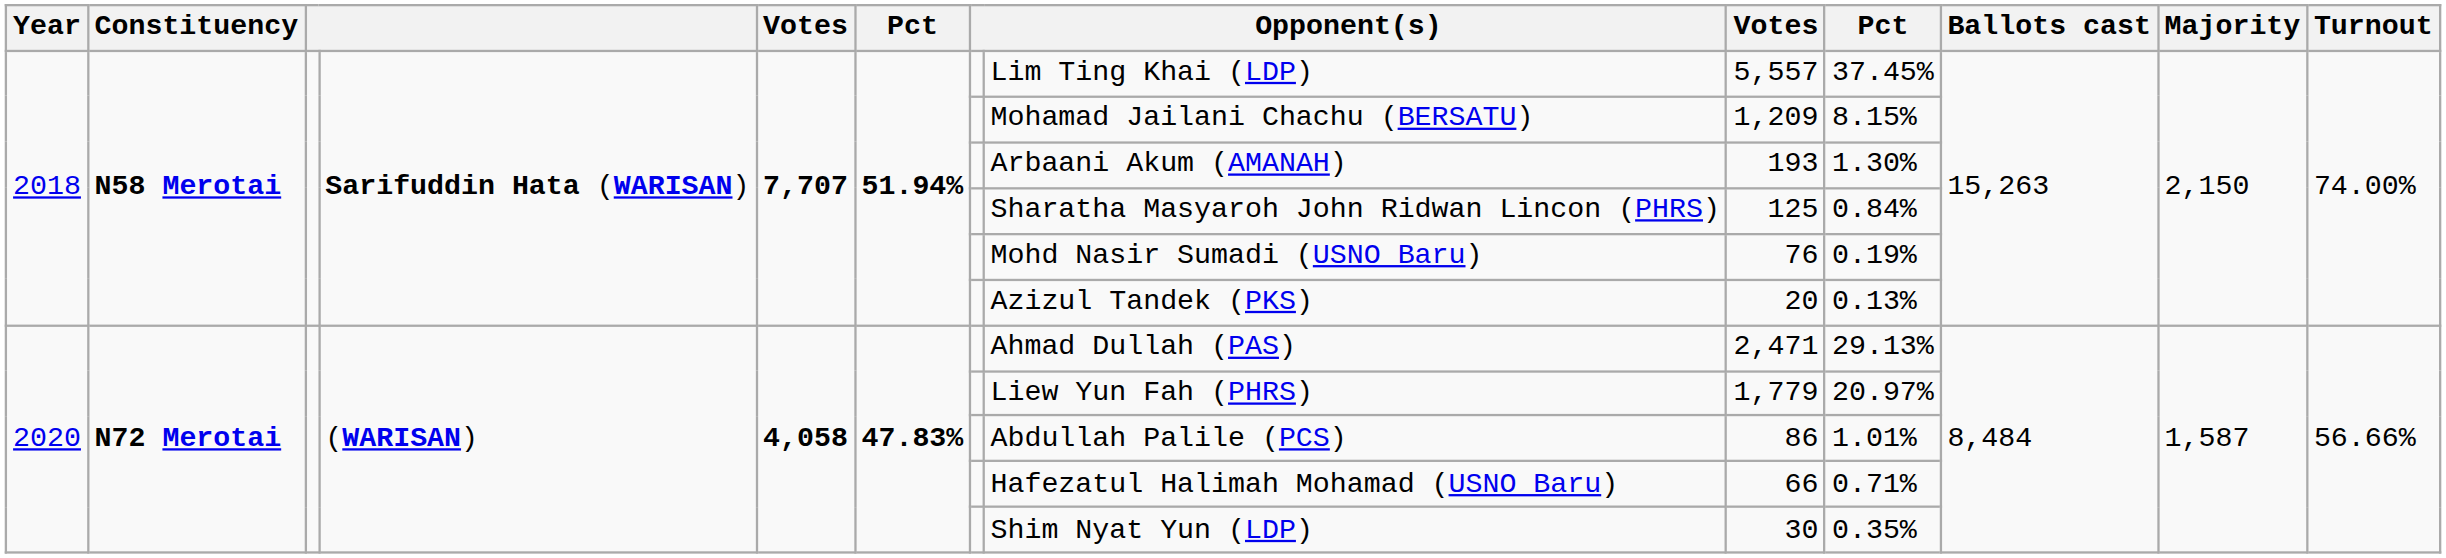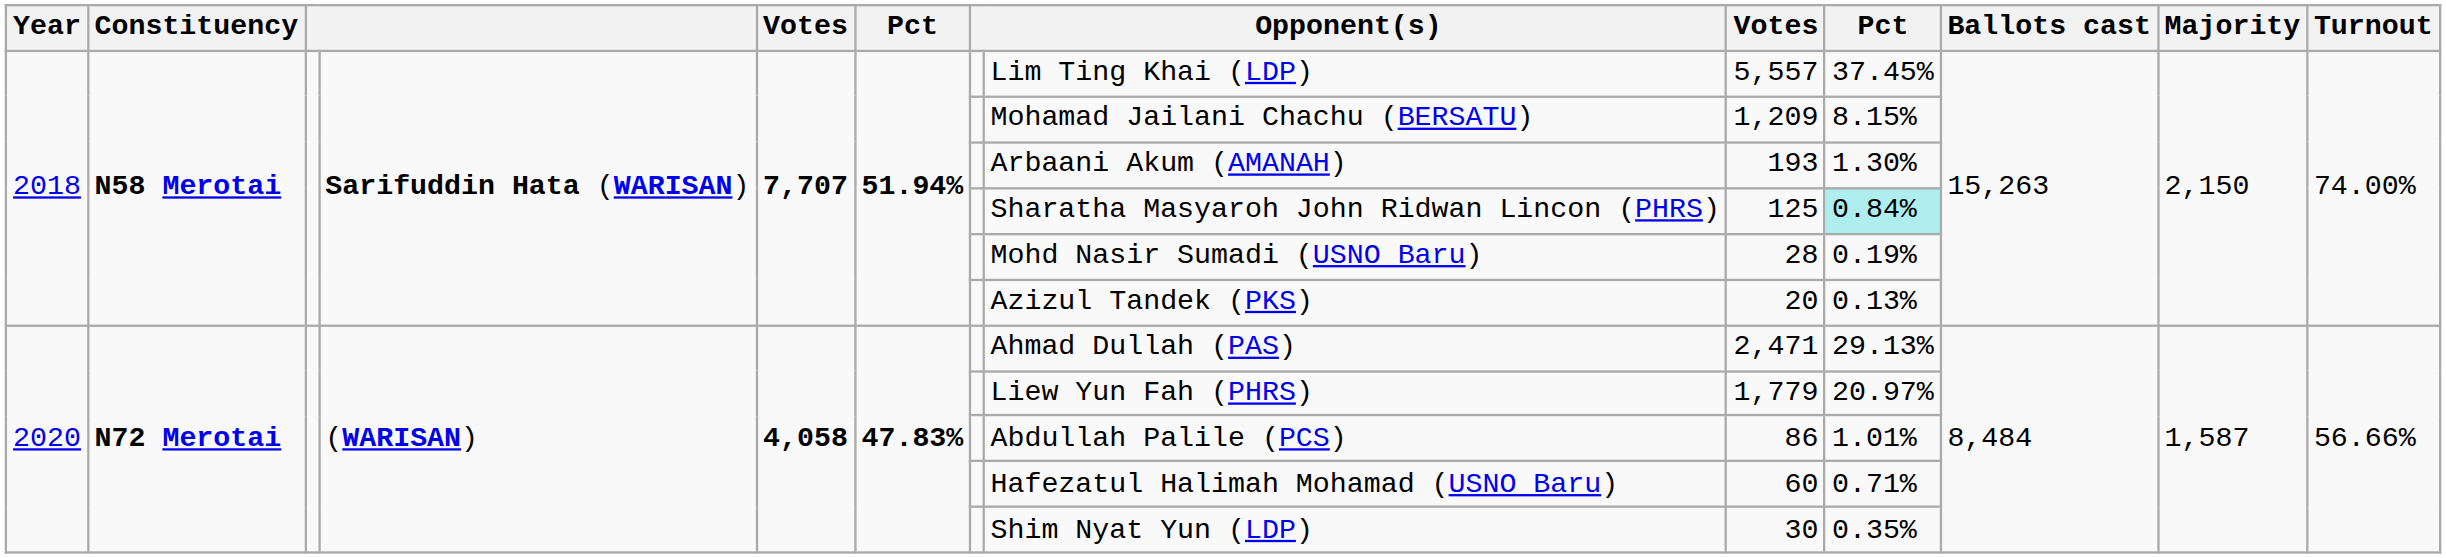 <table class="wikitable" style="margin:0.5em ; font-size:95%">
 <tr>
 <th>Year</th>
 <th>Constituency</th>
 <th colspan=2></th>
 <th>Votes</th>
 <th>Pct</th>
 <th colspan=2>Opponent(s)</th>
 <th>Votes</th>
 <th>Pct</th>
 <th>Ballots cast</th>
 <th>Majority</th>
 <th>Turnout</th>
 </tr>
 <tr>
 <td rowspan=6><a href='#'>2018</a></td>
 <td rowspan=6><strong>N58 <a href='#'>Merotai</a></strong></td>
 <td rowspan=6 ></td>
 <td rowspan=6><strong>Sarifuddin Hata</strong> (<a href='#'><strong>WARISAN</strong></a>)</td>
 <td rowspan=6 align="right"><strong>7,707</strong></td>
 <td rowspan=6><strong>51.94%</strong></td>
 <td></td>
 <td>Lim Ting Khai (<a href='#'>LDP</a>)</td>
 <td align="right">5,557</td>
 <td>37.45%</td>
 <td rowspan=6>15,263</td>
 <td rowspan=6>2,150</td>
 <td rowspan=6>74.00%</td>
 </tr>
 <tr>
 <td></td>
 <td>Mohamad Jailani Chachu (<a href='#'>BERSATU</a>)</td>
 <td align="right">1,209</td>
 <td>8.15%</td>
 </tr>
 <tr>
 <td></td>
 <td>Arbaani Akum (<a href='#'>AMANAH</a>)</td>
 <td align="right">193</td>
 <td>1.30%</td>
 </tr>
 <tr>
 <td></td>
 <td>Sharatha Masyaroh John Ridwan Lincon (<a href='#'>PHRS</a>)</td>
 <td align="right">125</td>
-<td>0.84%</td>
+<td style="background: paleturquoise;">0.84%</td>
 </tr>
 <tr>
 <td bgcolor=></td>
 <td>Mohd Nasir Sumadi (<a href='#'>USNO Baru</a>)</td>
-<td align="right">76</td>
+<td align="right">28</td>
 <td>0.19%</td>
 </tr>
 <tr>
 <td></td>
 <td>Azizul Tandek (<a href='#'>PKS</a>)</td>
 <td align="right">20</td>
 <td>0.13%</td>
 </tr>
 <tr>
 <td rowspan=5><a href='#'>2020</a></td>
 <td rowspan=5><strong>N72 <a href='#'>Merotai</a></strong></td>
 <td rowspan=5 ></td>
 <td rowspan=5> (<a href='#'><strong>WARISAN</strong></a>)</td>
 <td rowspan=5 align="right"><strong>4,058</strong></td>
 <td rowspan=5><strong>47.83%</strong></td>
 <td></td>
 <td>Ahmad Dullah (<a href='#'>PAS</a>)</td>
 <td align="right">2,471</td>
 <td>29.13%</td>
 <td rowspan=5>8,484</td>
 <td rowspan=5>1,587</td>
 <td rowspan=5>56.66%</td>
 </tr>
 <tr>
 <td></td>
 <td>Liew Yun Fah (<a href='#'>PHRS</a>)</td>
 <td align="right">1,779</td>
 <td>20.97%</td>
 </tr>
 <tr>
 <td></td>
 <td>Abdullah Palile (<a href='#'>PCS</a>)</td>
 <td align="right">86</td>
 <td>1.01%</td>
 </tr>
 <tr>
 <td bgcolor=></td>
 <td>Hafezatul Halimah Mohamad (<a href='#'>USNO Baru</a>)</td>
-<td align="right">66</td>
+<td align="right">60</td>
 <td>0.71%</td>
 </tr>
 <tr>
 <td></td>
 <td>Shim Nyat Yun (<a href='#'>LDP</a>)</td>
 <td align="right">30</td>
 <td>0.35%</td>
 </tr>
 </table>
